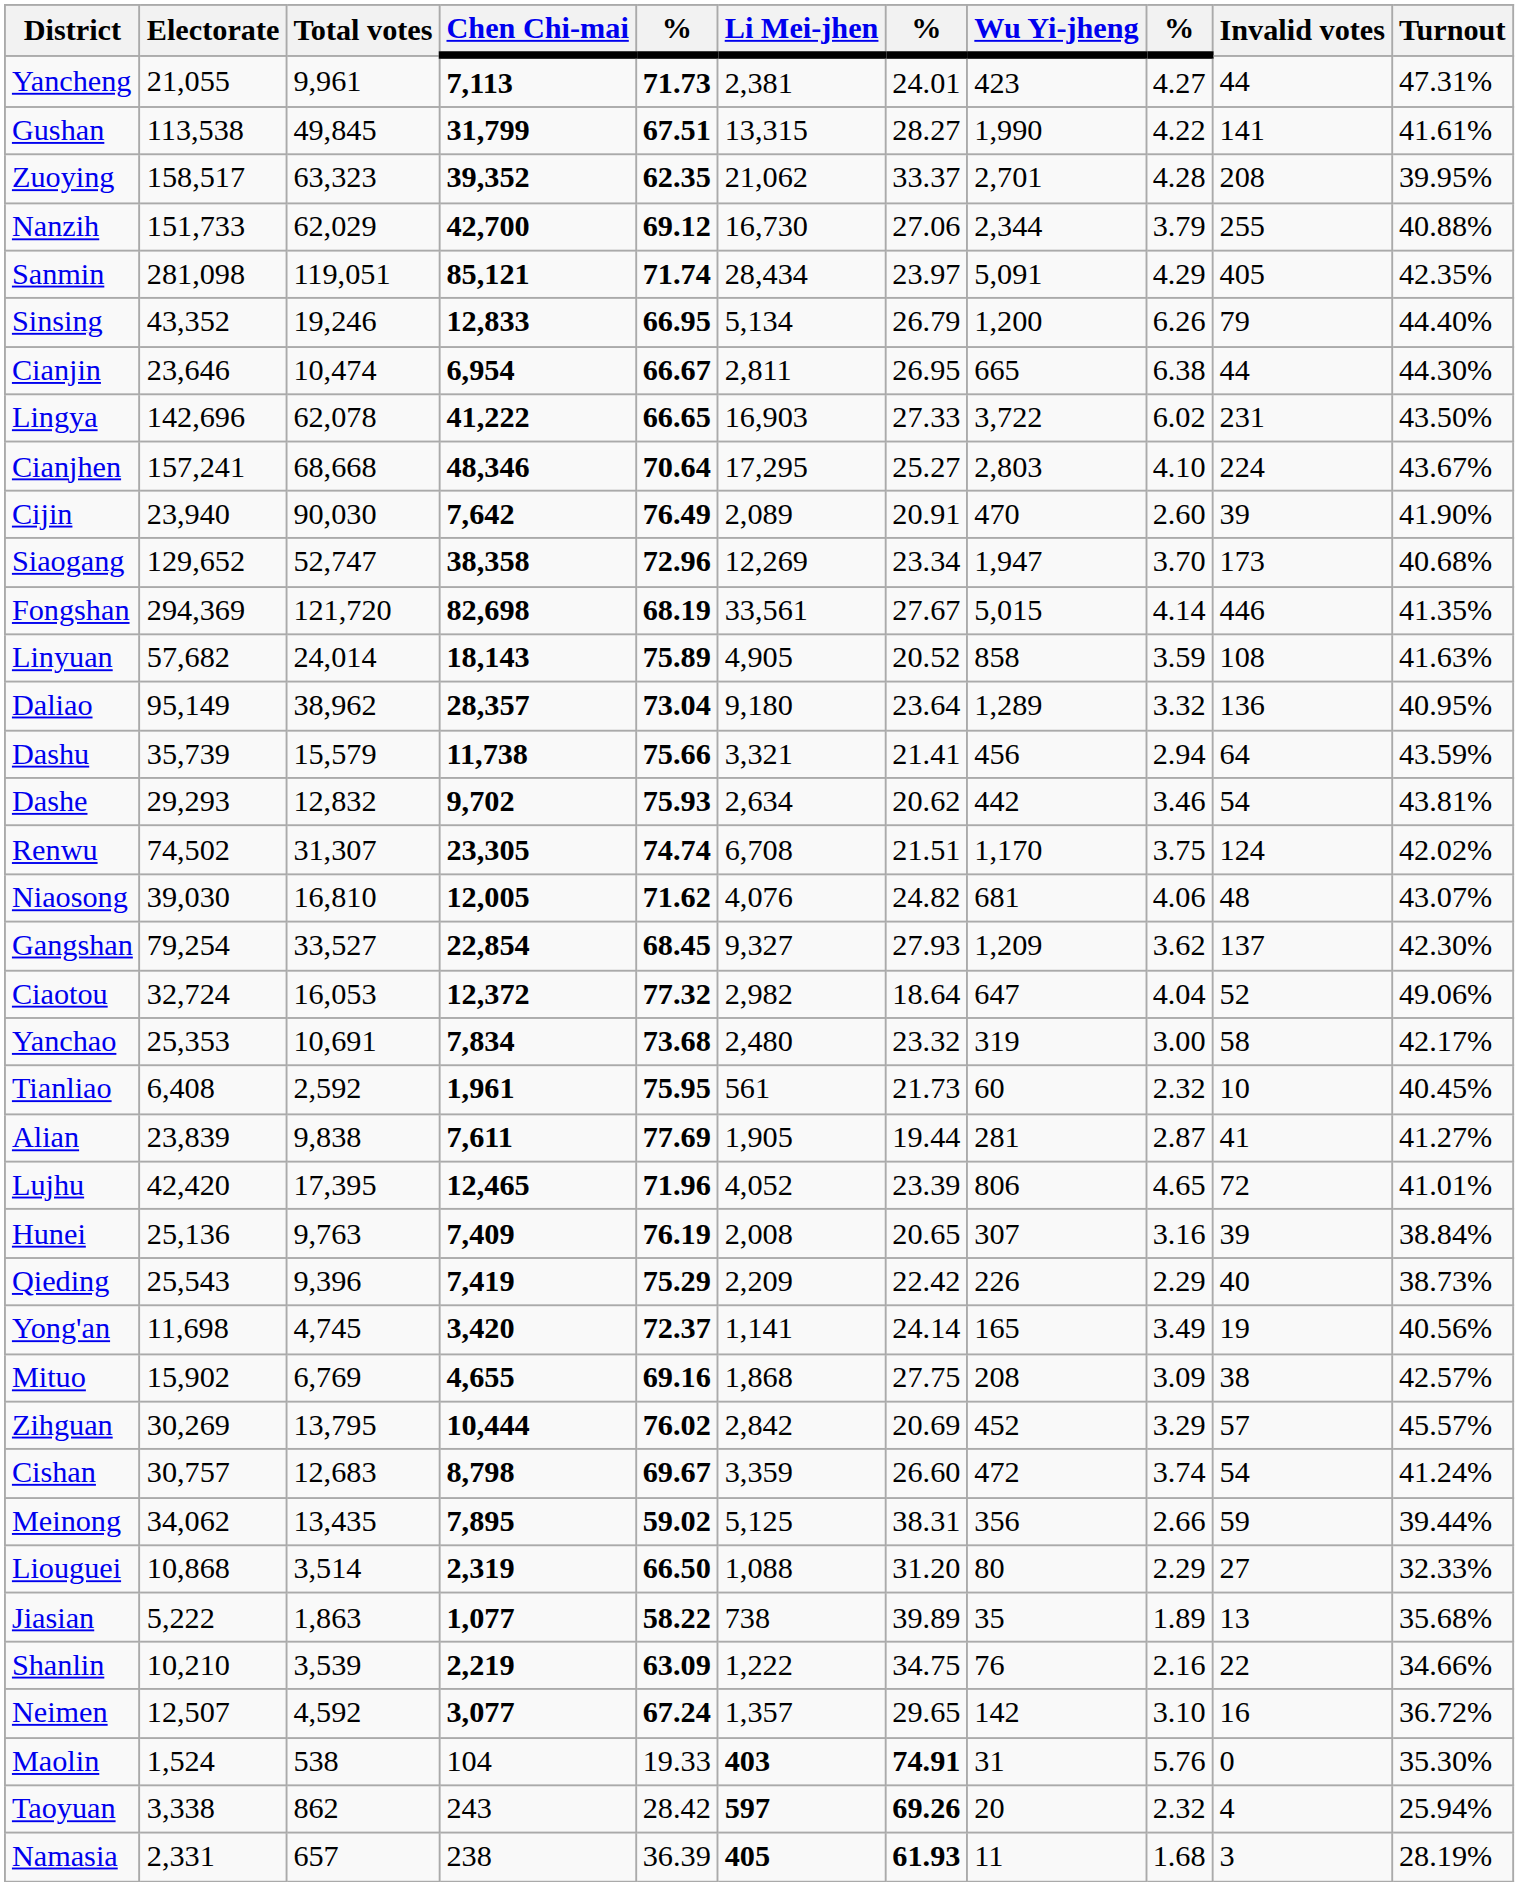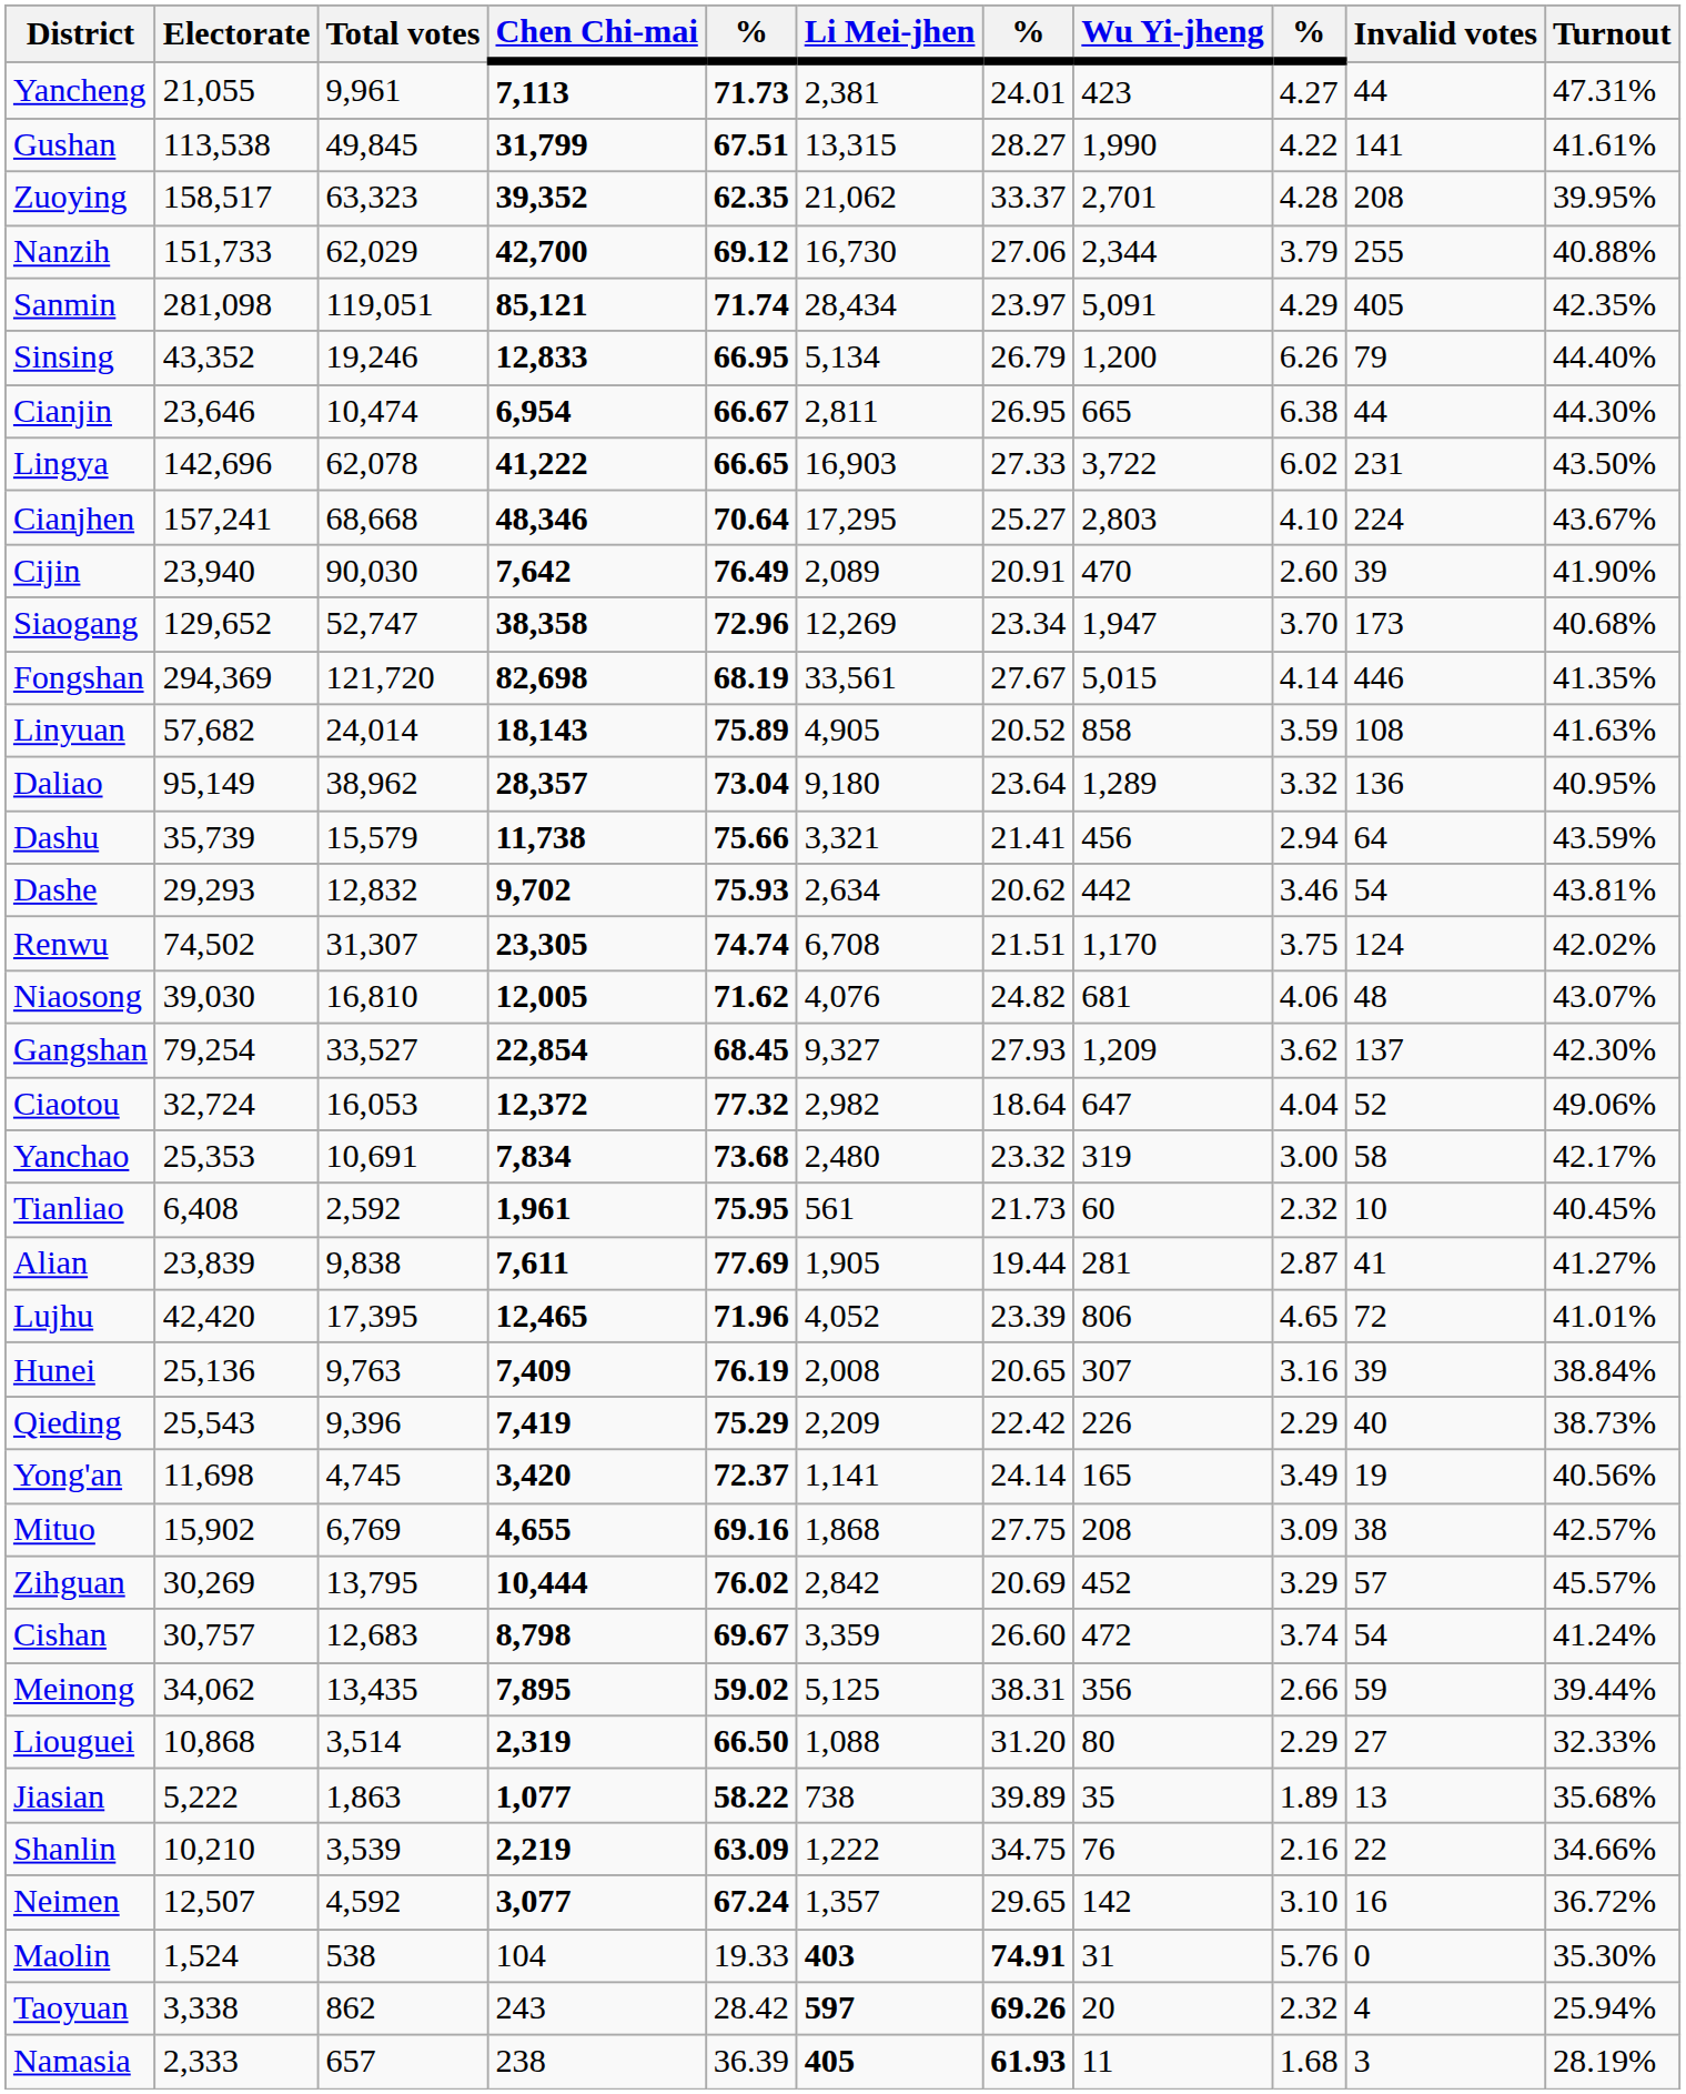 <table class="wikitable sortable">
 <tr>
 <th>District</th>
 <th>Electorate</th>
 <th>Total votes</th>
 <th style="border-bottom:4px solid "><a href='#'>Chen Chi-mai</a></th>
 <th style="border-bottom:4px solid ">%</th>
 <th style="border-bottom:4px solid "><a href='#'>Li Mei-jhen</a></th>
 <th style="border-bottom:4px solid ">%</th>
 <th style="border-bottom:4px solid "><a href='#'>Wu Yi-jheng</a></th>
 <th style="border-bottom:4px solid ">%</th>
 <th>Invalid votes</th>
 <th>Turnout</th>
 </tr>
 <tr>
 <td><a href='#'>Yancheng</a></td>
 <td>21,055</td>
 <td>9,961</td>
 <td><strong>7,113</strong></td>
 <td><strong>71.73</strong></td>
 <td>2,381</td>
 <td>24.01</td>
 <td>423</td>
 <td>4.27</td>
 <td>44</td>
 <td>47.31%</td>
 </tr>
 <tr>
 <td><a href='#'>Gushan</a></td>
 <td>113,538</td>
 <td>49,845</td>
 <td><strong>31,799</strong></td>
 <td><strong>67.51</strong></td>
 <td>13,315</td>
 <td>28.27</td>
 <td>1,990</td>
 <td>4.22</td>
 <td>141</td>
 <td>41.61%</td>
 </tr>
 <tr>
 <td><a href='#'>Zuoying</a></td>
 <td>158,517</td>
 <td>63,323</td>
 <td><strong>39,352</strong></td>
 <td><strong>62.35</strong></td>
 <td>21,062</td>
 <td>33.37</td>
 <td>2,701</td>
 <td>4.28</td>
 <td>208</td>
 <td>39.95%</td>
 </tr>
 <tr>
 <td><a href='#'>Nanzih</a></td>
 <td>151,733</td>
 <td>62,029</td>
 <td><strong>42,700</strong></td>
 <td><strong>69.12</strong></td>
 <td>16,730</td>
 <td>27.06</td>
 <td>2,344</td>
 <td>3.79</td>
 <td>255</td>
 <td>40.88%</td>
 </tr>
 <tr>
 <td><a href='#'>Sanmin</a></td>
 <td>281,098</td>
 <td>119,051</td>
 <td><strong>85,121</strong></td>
 <td><strong>71.74</strong></td>
 <td>28,434</td>
 <td>23.97</td>
 <td>5,091</td>
 <td>4.29</td>
 <td>405</td>
 <td>42.35%</td>
 </tr>
 <tr>
 <td><a href='#'>Sinsing</a></td>
 <td>43,352</td>
 <td>19,246</td>
 <td><strong>12,833</strong></td>
 <td><strong>66.95</strong></td>
 <td>5,134</td>
 <td>26.79</td>
 <td>1,200</td>
 <td>6.26</td>
 <td>79</td>
 <td>44.40%</td>
 </tr>
 <tr>
 <td><a href='#'>Cianjin</a></td>
 <td>23,646</td>
 <td>10,474</td>
 <td><strong>6,954</strong></td>
 <td><strong>66.67</strong></td>
 <td>2,811</td>
 <td>26.95</td>
 <td>665</td>
 <td>6.38</td>
 <td>44</td>
 <td>44.30%</td>
 </tr>
 <tr>
 <td><a href='#'>Lingya</a></td>
 <td>142,696</td>
 <td>62,078</td>
 <td><strong>41,222</strong></td>
 <td><strong>66.65</strong></td>
 <td>16,903</td>
 <td>27.33</td>
 <td>3,722</td>
 <td>6.02</td>
 <td>231</td>
 <td>43.50%</td>
 </tr>
 <tr>
 <td><a href='#'>Cianjhen</a></td>
 <td>157,241</td>
 <td>68,668</td>
 <td><strong>48,346</strong></td>
 <td><strong>70.64</strong></td>
 <td>17,295</td>
 <td>25.27</td>
 <td>2,803</td>
 <td>4.10</td>
 <td>224</td>
 <td>43.67%</td>
 </tr>
 <tr>
 <td><a href='#'>Cijin</a></td>
 <td>23,940</td>
 <td>90,030</td>
 <td><strong>7,642</strong></td>
 <td><strong>76.49</strong></td>
 <td>2,089</td>
 <td>20.91</td>
 <td>470</td>
 <td>2.60</td>
 <td>39</td>
 <td>41.90%</td>
 </tr>
 <tr>
 <td><a href='#'>Siaogang</a></td>
 <td>129,652</td>
 <td>52,747</td>
 <td><strong>38,358</strong></td>
 <td><strong>72.96</strong></td>
 <td>12,269</td>
 <td>23.34</td>
 <td>1,947</td>
 <td>3.70</td>
 <td>173</td>
 <td>40.68%</td>
 </tr>
 <tr>
 <td><a href='#'>Fongshan</a></td>
 <td>294,369</td>
 <td>121,720</td>
 <td><strong>82,698</strong></td>
 <td><strong>68.19</strong></td>
 <td>33,561</td>
 <td>27.67</td>
 <td>5,015</td>
 <td>4.14</td>
 <td>446</td>
 <td>41.35%</td>
 </tr>
 <tr>
 <td><a href='#'>Linyuan</a></td>
 <td>57,682</td>
 <td>24,014</td>
 <td><strong>18,143</strong></td>
 <td><strong>75.89</strong></td>
 <td>4,905</td>
 <td>20.52</td>
 <td>858</td>
 <td>3.59</td>
 <td>108</td>
 <td>41.63%</td>
 </tr>
 <tr>
 <td><a href='#'>Daliao</a></td>
 <td>95,149</td>
 <td>38,962</td>
 <td><strong>28,357</strong></td>
 <td><strong>73.04</strong></td>
 <td>9,180</td>
 <td>23.64</td>
 <td>1,289</td>
 <td>3.32</td>
 <td>136</td>
 <td>40.95%</td>
 </tr>
 <tr>
 <td><a href='#'>Dashu</a></td>
 <td>35,739</td>
 <td>15,579</td>
 <td><strong>11,738</strong></td>
 <td><strong>75.66</strong></td>
 <td>3,321</td>
 <td>21.41</td>
 <td>456</td>
 <td>2.94</td>
 <td>64</td>
 <td>43.59%</td>
 </tr>
 <tr>
 <td><a href='#'>Dashe</a></td>
 <td>29,293</td>
 <td>12,832</td>
 <td><strong>9,702</strong></td>
 <td><strong>75.93</strong></td>
 <td>2,634</td>
 <td>20.62</td>
 <td>442</td>
 <td>3.46</td>
 <td>54</td>
 <td>43.81%</td>
 </tr>
 <tr>
 <td><a href='#'>Renwu</a></td>
 <td>74,502</td>
 <td>31,307</td>
 <td><strong>23,305</strong></td>
 <td><strong>74.74</strong></td>
 <td>6,708</td>
 <td>21.51</td>
 <td>1,170</td>
 <td>3.75</td>
 <td>124</td>
 <td>42.02%</td>
 </tr>
 <tr>
 <td><a href='#'>Niaosong</a></td>
 <td>39,030</td>
 <td>16,810</td>
 <td><strong>12,005</strong></td>
 <td><strong>71.62</strong></td>
 <td>4,076</td>
 <td>24.82</td>
 <td>681</td>
 <td>4.06</td>
 <td>48</td>
 <td>43.07%</td>
 </tr>
 <tr>
 <td><a href='#'>Gangshan</a></td>
 <td>79,254</td>
 <td>33,527</td>
 <td><strong>22,854</strong></td>
 <td><strong>68.45</strong></td>
 <td>9,327</td>
 <td>27.93</td>
 <td>1,209</td>
 <td>3.62</td>
 <td>137</td>
 <td>42.30%</td>
 </tr>
 <tr>
 <td><a href='#'>Ciaotou</a></td>
 <td>32,724</td>
 <td>16,053</td>
 <td><strong>12,372</strong></td>
 <td><strong>77.32</strong></td>
 <td>2,982</td>
 <td>18.64</td>
 <td>647</td>
 <td>4.04</td>
 <td>52</td>
 <td>49.06%</td>
 </tr>
 <tr>
 <td><a href='#'>Yanchao</a></td>
 <td>25,353</td>
 <td>10,691</td>
 <td><strong>7,834</strong></td>
 <td><strong>73.68</strong></td>
 <td>2,480</td>
 <td>23.32</td>
 <td>319</td>
 <td>3.00</td>
 <td>58</td>
 <td>42.17%</td>
 </tr>
 <tr>
 <td><a href='#'>Tianliao</a></td>
 <td>6,408</td>
 <td>2,592</td>
 <td><strong>1,961</strong></td>
 <td><strong>75.95</strong></td>
 <td>561</td>
 <td>21.73</td>
 <td>60</td>
 <td>2.32</td>
 <td>10</td>
 <td>40.45%</td>
 </tr>
 <tr>
 <td><a href='#'>Alian</a></td>
 <td>23,839</td>
 <td>9,838</td>
 <td><strong>7,611</strong></td>
 <td><strong>77.69</strong></td>
 <td>1,905</td>
 <td>19.44</td>
 <td>281</td>
 <td>2.87</td>
 <td>41</td>
 <td>41.27%</td>
 </tr>
 <tr>
 <td><a href='#'>Lujhu</a></td>
 <td>42,420</td>
 <td>17,395</td>
 <td><strong>12,465</strong></td>
 <td><strong>71.96</strong></td>
 <td>4,052</td>
 <td>23.39</td>
 <td>806</td>
 <td>4.65</td>
 <td>72</td>
 <td>41.01%</td>
 </tr>
 <tr>
 <td><a href='#'>Hunei</a></td>
 <td>25,136</td>
 <td>9,763</td>
 <td><strong>7,409</strong></td>
 <td><strong>76.19</strong></td>
 <td>2,008</td>
 <td>20.65</td>
 <td>307</td>
 <td>3.16</td>
 <td>39</td>
 <td>38.84%</td>
 </tr>
 <tr>
 <td><a href='#'>Qieding</a></td>
 <td>25,543</td>
 <td>9,396</td>
 <td><strong>7,419</strong></td>
 <td><strong>75.29</strong></td>
 <td>2,209</td>
 <td>22.42</td>
 <td>226</td>
 <td>2.29</td>
 <td>40</td>
 <td>38.73%</td>
 </tr>
 <tr>
 <td><a href='#'>Yong'an</a></td>
 <td>11,698</td>
 <td>4,745</td>
 <td><strong>3,420</strong></td>
 <td><strong>72.37</strong></td>
 <td>1,141</td>
 <td>24.14</td>
 <td>165</td>
 <td>3.49</td>
 <td>19</td>
 <td>40.56%</td>
 </tr>
 <tr>
 <td><a href='#'>Mituo</a></td>
 <td>15,902</td>
 <td>6,769</td>
 <td><strong>4,655</strong></td>
 <td><strong>69.16</strong></td>
 <td>1,868</td>
 <td>27.75</td>
 <td>208</td>
 <td>3.09</td>
 <td>38</td>
 <td>42.57%</td>
 </tr>
 <tr>
 <td><a href='#'>Zihguan</a></td>
 <td>30,269</td>
 <td>13,795</td>
 <td><strong>10,444</strong></td>
 <td><strong>76.02</strong></td>
 <td>2,842</td>
 <td>20.69</td>
 <td>452</td>
 <td>3.29</td>
 <td>57</td>
 <td>45.57%</td>
 </tr>
 <tr>
 <td><a href='#'>Cishan</a></td>
 <td>30,757</td>
 <td>12,683</td>
 <td><strong>8,798</strong></td>
 <td><strong>69.67</strong></td>
 <td>3,359</td>
 <td>26.60</td>
 <td>472</td>
 <td>3.74</td>
 <td>54</td>
 <td>41.24%</td>
 </tr>
 <tr>
 <td><a href='#'>Meinong</a></td>
 <td>34,062</td>
 <td>13,435</td>
 <td><strong>7,895</strong></td>
 <td><strong>59.02</strong></td>
 <td>5,125</td>
 <td>38.31</td>
 <td>356</td>
 <td>2.66</td>
 <td>59</td>
 <td>39.44%</td>
 </tr>
 <tr>
 <td><a href='#'>Liouguei</a></td>
 <td>10,868</td>
 <td>3,514</td>
 <td><strong>2,319</strong></td>
 <td><strong>66.50</strong></td>
 <td>1,088</td>
 <td>31.20</td>
 <td>80</td>
 <td>2.29</td>
 <td>27</td>
 <td>32.33%</td>
 </tr>
 <tr>
 <td><a href='#'>Jiasian</a></td>
 <td>5,222</td>
 <td>1,863</td>
 <td><strong>1,077</strong></td>
 <td><strong>58.22</strong></td>
 <td>738</td>
 <td>39.89</td>
 <td>35</td>
 <td>1.89</td>
 <td>13</td>
 <td>35.68%</td>
 </tr>
 <tr>
 <td><a href='#'>Shanlin</a></td>
 <td>10,210</td>
 <td>3,539</td>
 <td><strong>2,219</strong></td>
 <td><strong>63.09</strong></td>
 <td>1,222</td>
 <td>34.75</td>
 <td>76</td>
 <td>2.16</td>
 <td>22</td>
 <td>34.66%</td>
 </tr>
 <tr>
 <td><a href='#'>Neimen</a></td>
 <td>12,507</td>
 <td>4,592</td>
 <td><strong>3,077</strong></td>
 <td><strong>67.24</strong></td>
 <td>1,357</td>
 <td>29.65</td>
 <td>142</td>
 <td>3.10</td>
 <td>16</td>
 <td>36.72%</td>
 </tr>
 <tr>
 <td><a href='#'>Maolin</a></td>
 <td>1,524</td>
 <td>538</td>
 <td>104</td>
 <td>19.33</td>
 <td><strong>403</strong></td>
 <td><strong>74.91</strong></td>
 <td>31</td>
 <td>5.76</td>
 <td>0</td>
 <td>35.30%</td>
 </tr>
 <tr>
 <td><a href='#'>Taoyuan</a></td>
 <td>3,338</td>
 <td>862</td>
 <td>243</td>
 <td>28.42</td>
 <td><strong>597</strong></td>
 <td><strong>69.26</strong></td>
 <td>20</td>
 <td>2.32</td>
 <td>4</td>
 <td>25.94%</td>
 </tr>
 <tr>
 <td><a href='#'>Namasia</a></td>
-<td>2,331</td>
+<td>2,333</td>
 <td>657</td>
 <td>238</td>
 <td>36.39</td>
 <td><strong>405</strong></td>
 <td><strong>61.93</strong></td>
 <td>11</td>
 <td>1.68</td>
 <td>3</td>
 <td>28.19%</td>
 </tr>
 </table>
